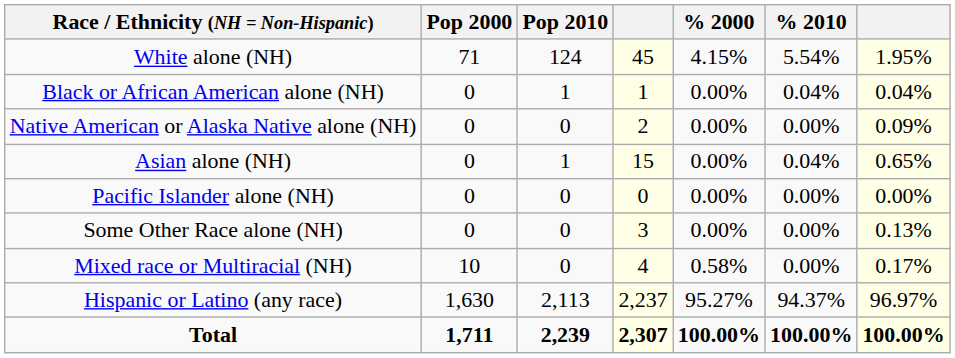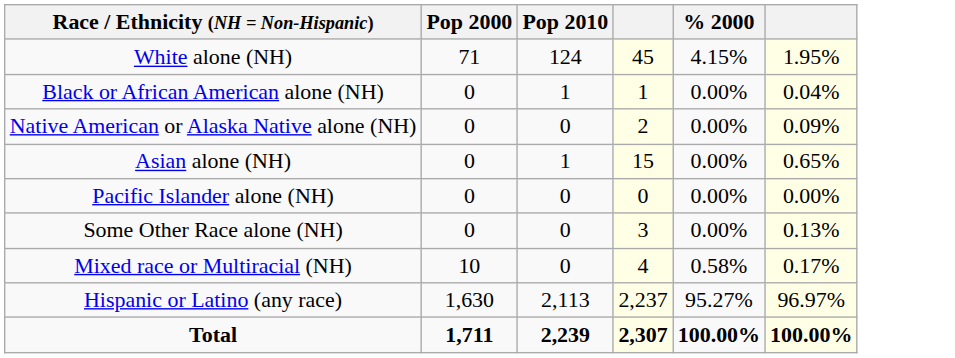 <table class="wikitable" style="text-align:center;">
 <tr>
 <th>Race / Ethnicity <small>(<em>NH = Non-Hispanic</em>)</small></th>
 <th>Pop 2000</th>
 <th>Pop 2010</th>
 <th></th>
 <th>% 2000</th>
-<th>% 2010</th>
 <th></th>
 </tr>
 <tr>
 <td><a href='#'>White</a> alone (NH)</td>
 <td>71</td>
 <td>124</td>
 <td style='background: #ffffe6;'>45</td>
 <td>4.15%</td>
-<td>5.54%</td>
 <td style='background: #ffffe6;'>1.95%</td>
 </tr>
 <tr>
 <td><a href='#'>Black or African American</a> alone (NH)</td>
 <td>0</td>
 <td>1</td>
 <td style='background: #ffffe6;'>1</td>
 <td>0.00%</td>
-<td>0.04%</td>
 <td style='background: #ffffe6;'>0.04%</td>
 </tr>
 <tr>
 <td><a href='#'>Native American</a> or <a href='#'>Alaska Native</a> alone (NH)</td>
 <td>0</td>
 <td>0</td>
 <td style='background: #ffffe6;'>2</td>
-<td>0.00%</td>
 <td>0.00%</td>
 <td style='background: #ffffe6;'>0.09%</td>
 </tr>
 <tr>
 <td><a href='#'>Asian</a> alone (NH)</td>
 <td>0</td>
 <td>1</td>
 <td style='background: #ffffe6;'>15</td>
 <td>0.00%</td>
-<td>0.04%</td>
 <td style='background: #ffffe6;'>0.65%</td>
 </tr>
 <tr>
 <td><a href='#'>Pacific Islander</a> alone (NH)</td>
 <td>0</td>
 <td>0</td>
 <td style='background: #ffffe6;'>0</td>
-<td>0.00%</td>
 <td>0.00%</td>
 <td style='background: #ffffe6;'>0.00%</td>
 </tr>
 <tr>
 <td>Some Other Race alone (NH)</td>
 <td>0</td>
 <td>0</td>
 <td style='background: #ffffe6;'>3</td>
 <td>0.00%</td>
-<td>0.00%</td>
 <td style='background: #ffffe6;'>0.13%</td>
 </tr>
 <tr>
 <td><a href='#'>Mixed race or Multiracial</a> (NH)</td>
 <td>10</td>
 <td>0</td>
 <td style='background: #ffffe6;'>4</td>
 <td>0.58%</td>
-<td>0.00%</td>
 <td style='background: #ffffe6;'>0.17%</td>
 </tr>
 <tr>
 <td><a href='#'>Hispanic or Latino</a> (any race)</td>
 <td>1,630</td>
 <td>2,113</td>
 <td style='background: #ffffe6;'>2,237</td>
 <td>95.27%</td>
-<td>94.37%</td>
 <td style='background: #ffffe6;'>96.97%</td>
 </tr>
 <tr>
 <td><strong>Total</strong></td>
 <td><strong>1,711</strong></td>
 <td><strong>2,239</strong></td>
 <td style='background: #ffffe6;'><strong>2,307</strong></td>
 <td><strong>100.00%</strong></td>
-<td><strong>100.00%</strong></td>
 <td style='background: #ffffe6;'><strong>100.00%</strong></td>
 </tr>
 </table>
